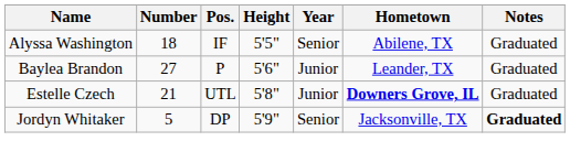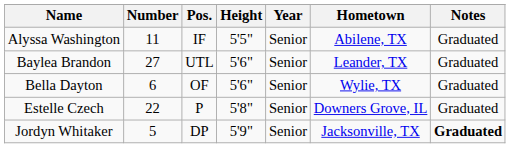 <table class="wikitable sortable collapsible">
 <tr>
 </tr>
 <tr>
 <th style="text-align:center; ">Name</th>
 <th style="text-align:center; ">Number</th>
 <th style="text-align:center; ">Pos.</th>
 <th style="text-align:center; ">Height</th>
 <th style="text-align:center; ">Year</th>
 <th style="text-align:center; ">Hometown</th>
 <th style="text-align:center; ">Notes</th>
 </tr>
 <tr align="center">
 <td>Alyssa Washington</td>
-<td>18</td>
+<td>11</td>
 <td>IF</td>
 <td>5'5"</td>
 <td>Senior</td>
 <td><a href='#'>Abilene, TX</a></td>
 <td>Graduated</td>
 </tr>
 <tr align="center">
 <td>Baylea Brandon</td>
 <td>27</td>
-<td>P</td>
+<td>UTL</td>
 <td>5'6"</td>
-<td>Junior</td>
+<td>Senior</td>
 <td><a href='#'>Leander, TX</a></td>
 <td>Graduated</td>
 </tr>
 <tr align="center">
+<td>Bella Dayton</td>
+<td>6</td>
+<td>OF</td>
+<td>5'6"</td>
+<td>Senior</td>
+<td><a href='#'>Wylie, TX</a></td>
+<td>Graduated</td>
+</tr>
+<tr align="center">
 <td>Estelle Czech</td>
-<td>21</td>
-<td>UTL</td>
+<td>22</td>
+<td>P</td>
 <td>5'8"</td>
-<td>Junior</td>
-<td><strong><a href='#'>Downers Grove, IL</a></strong></td>
+<td>Senior</td>
+<td><a href='#'>Downers Grove, IL</a></td>
 <td>Graduated</td>
 </tr>
 <tr align="center">
 <td>Jordyn Whitaker</td>
 <td>5</td>
 <td>DP</td>
 <td>5'9"</td>
 <td>Senior</td>
 <td><a href='#'>Jacksonville, TX</a></td>
 <td><strong>Graduated</strong></td>
 </tr>
 </table>
